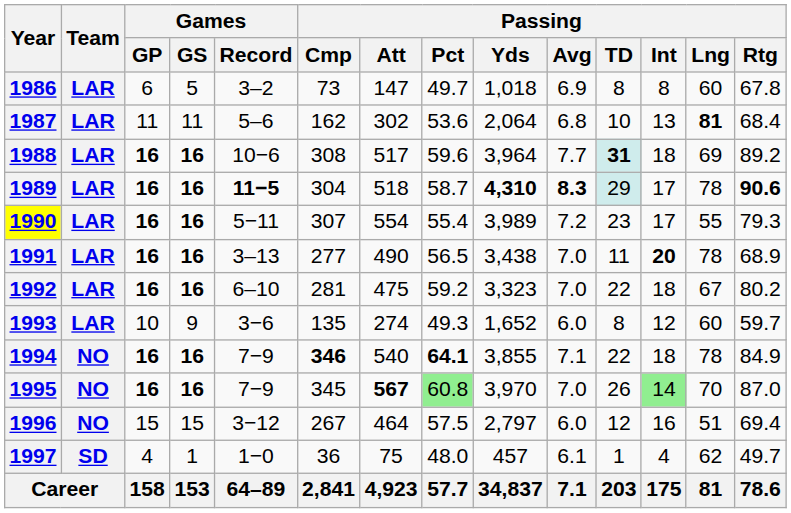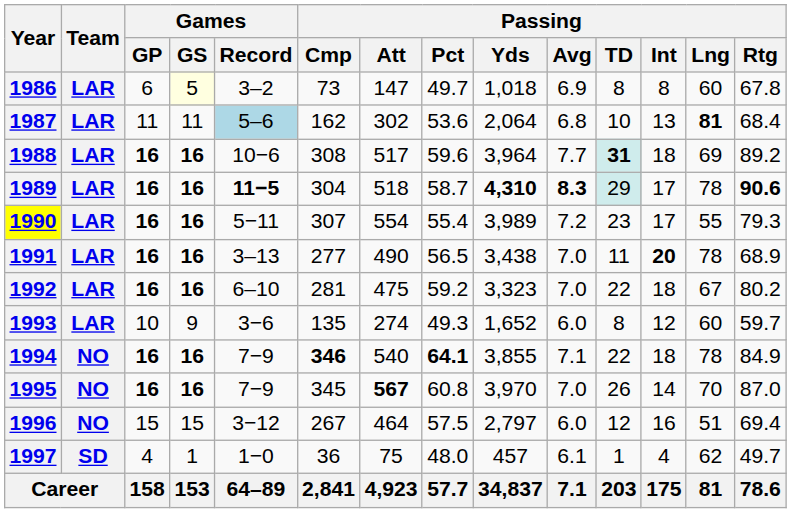 <table class="wikitable" style="text-align:center">
 <tr>
 <th rowspan="2">Year</th>
 <th rowspan="2">Team</th>
 <th colspan="3">Games</th>
 <th colspan="9">Passing</th>
 </tr>
 <tr>
 <th>GP</th>
 <th>GS</th>
 <th>Record</th>
 <th>Cmp</th>
 <th>Att</th>
 <th>Pct</th>
 <th>Yds</th>
 <th>Avg</th>
 <th>TD</th>
 <th>Int</th>
 <th>Lng</th>
 <th>Rtg</th>
 </tr>
 <tr>
 <th><a href='#'>1986</a></th>
 <th><a href='#'>LAR</a></th>
 <td>6</td>
-<td>5</td>
+<td style="background: lightyellow;">5</td>
 <td>3–2</td>
 <td>73</td>
 <td>147</td>
 <td>49.7</td>
 <td>1,018</td>
 <td>6.9</td>
 <td>8</td>
 <td>8</td>
 <td>60</td>
 <td>67.8</td>
 </tr>
 <tr>
 <th><a href='#'>1987</a></th>
 <th><a href='#'>LAR</a></th>
 <td>11</td>
 <td>11</td>
-<td>5–6</td>
+<td style="background: lightblue;">5–6</td>
 <td>162</td>
 <td>302</td>
 <td>53.6</td>
 <td>2,064</td>
 <td>6.8</td>
 <td>10</td>
 <td>13</td>
 <td><strong>81</strong></td>
 <td>68.4</td>
 </tr>
 <tr>
 <th><a href='#'>1988</a></th>
 <th><a href='#'>LAR</a></th>
 <td><strong>16</strong></td>
 <td><strong>16</strong></td>
 <td>10−6</td>
 <td>308</td>
 <td>517</td>
 <td>59.6</td>
 <td>3,964</td>
 <td>7.7</td>
 <td style="background:#cfecec;"><strong>31</strong></td>
 <td>18</td>
 <td>69</td>
 <td>89.2</td>
 </tr>
 <tr>
 <th><a href='#'>1989</a></th>
 <th><a href='#'>LAR</a></th>
 <td><strong>16</strong></td>
 <td><strong>16</strong></td>
 <td><strong>11−5</strong></td>
 <td>304</td>
 <td>518</td>
 <td>58.7</td>
 <td><strong>4,310</strong></td>
 <td><strong>8.3</strong></td>
 <td style="background:#cfecec;">29</td>
 <td>17</td>
 <td>78</td>
 <td><strong>90.6</strong></td>
 </tr>
 <tr>
 <th style="background:#ff0;"><a href='#'>1990</a></th>
 <th><a href='#'>LAR</a></th>
 <td><strong>16</strong></td>
 <td><strong>16</strong></td>
 <td>5−11</td>
 <td>307</td>
 <td>554</td>
 <td>55.4</td>
 <td>3,989</td>
 <td>7.2</td>
 <td>23</td>
 <td>17</td>
 <td>55</td>
 <td>79.3</td>
 </tr>
 <tr>
 <th><a href='#'>1991</a></th>
 <th><a href='#'>LAR</a></th>
 <td><strong>16</strong></td>
 <td><strong>16</strong></td>
 <td>3–13</td>
 <td>277</td>
 <td>490</td>
 <td>56.5</td>
 <td>3,438</td>
 <td>7.0</td>
 <td>11</td>
 <td><strong>20</strong></td>
 <td>78</td>
 <td>68.9</td>
 </tr>
 <tr>
 <th><a href='#'>1992</a></th>
 <th><a href='#'>LAR</a></th>
 <td><strong>16</strong></td>
 <td><strong>16</strong></td>
 <td>6–10</td>
 <td>281</td>
 <td>475</td>
 <td>59.2</td>
 <td>3,323</td>
 <td>7.0</td>
 <td>22</td>
 <td>18</td>
 <td>67</td>
 <td>80.2</td>
 </tr>
 <tr>
 <th><a href='#'>1993</a></th>
 <th><a href='#'>LAR</a></th>
 <td>10</td>
 <td>9</td>
 <td>3−6</td>
 <td>135</td>
 <td>274</td>
 <td>49.3</td>
 <td>1,652</td>
 <td>6.0</td>
 <td>8</td>
 <td>12</td>
 <td>60</td>
 <td>59.7</td>
 </tr>
 <tr>
 <th><a href='#'>1994</a></th>
 <th><a href='#'>NO</a></th>
 <td><strong>16</strong></td>
 <td><strong>16</strong></td>
 <td>7−9</td>
 <td><strong>346</strong></td>
 <td>540</td>
 <td><strong>64.1</strong></td>
 <td>3,855</td>
 <td>7.1</td>
 <td>22</td>
 <td>18</td>
 <td>78</td>
 <td>84.9</td>
 </tr>
 <tr>
 <th><a href='#'>1995</a></th>
 <th><a href='#'>NO</a></th>
 <td><strong>16</strong></td>
 <td><strong>16</strong></td>
 <td>7−9</td>
 <td>345</td>
 <td><strong>567</strong></td>
-<td style="background: lightgreen;">60.8</td>
+<td>60.8</td>
 <td>3,970</td>
 <td>7.0</td>
 <td>26</td>
-<td style="background: lightgreen;">14</td>
+<td>14</td>
 <td>70</td>
 <td>87.0</td>
 </tr>
 <tr>
 <th><a href='#'>1996</a></th>
 <th><a href='#'>NO</a></th>
 <td>15</td>
 <td>15</td>
 <td>3−12</td>
 <td>267</td>
 <td>464</td>
 <td>57.5</td>
 <td>2,797</td>
 <td>6.0</td>
 <td>12</td>
 <td>16</td>
 <td>51</td>
 <td>69.4</td>
 </tr>
 <tr>
 <th><a href='#'>1997</a></th>
 <th><a href='#'>SD</a></th>
 <td>4</td>
 <td>1</td>
 <td>1−0</td>
 <td>36</td>
 <td>75</td>
 <td>48.0</td>
 <td>457</td>
 <td>6.1</td>
 <td>1</td>
 <td>4</td>
 <td>62</td>
 <td>49.7</td>
 </tr>
 <tr>
 <th colspan="2">Career</th>
 <th>158</th>
 <th>153</th>
 <th>64–89</th>
 <th>2,841</th>
 <th>4,923</th>
 <th>57.7</th>
 <th>34,837</th>
 <th>7.1</th>
 <th>203</th>
 <th>175</th>
 <th>81</th>
 <th>78.6</th>
 </tr>
 </table>
